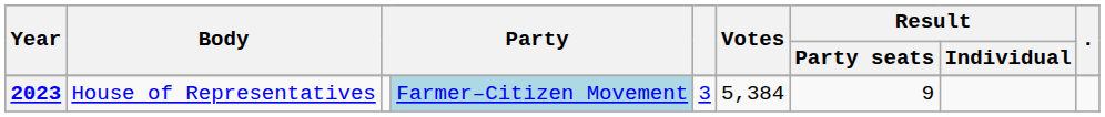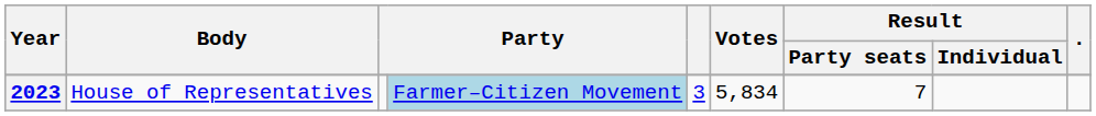 <table class="wikitable plainrowheaders sortable" border=2 cellpadding=4 cellspacing=0 style="border: 1px #aaa solid; font-size: 90%; text-align:center;">
 <tr>
 <th scope="col" rowspan=2>Year</th>
 <th scope="col" rowspan=2>Body</th>
 <th scope="col" colspan=2 rowspan=2>Party</th>
 <th scope="col" rowspan=2></th>
 <th scope="col" rowspan=2>Votes</th>
 <th scope="colgroup" colspan=2>Result</th>
 <th scope="col" rowspan=2 class="unsortable">.</th>
 </tr>
 <tr>
 <th scope="col">Party seats</th>
 <th scope="col">Individual</th>
 </tr>
 <tr>
 </tr>
 <tr>
 <th scope="row"><a href='#'>2023</a></th>
 <td><a href='#'>House of Representatives</a></td>
 <td style="background-color:"></td>
 <td style="background: lightblue;"><a href='#'>Farmer–Citizen Movement</a></td>
 <td style=text-align:right><a href='#'>3</a></td>
-<td style=text-align:right>5,384</td>
-<td style=text-align:right>9</td>
+<td style=text-align:right>5,834</td>
+<td style=text-align:right>7</td>
 <td></td>
 <td></td>
 </tr>
 </table>
